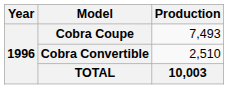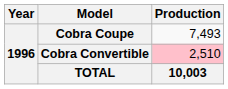 <table class=wikitable>
 <tr>
 <th>Year</th>
 <th>Model</th>
 <th>Production</th>
 </tr>
 <tr>
 <th rowspan=3>1996</th>
 <th align=right>Cobra Coupe</th>
 <td align=right>7,493</td>
 </tr>
 <tr>
 <th align=right>Cobra Convertible</th>
-<td align=right>2,510</td>
+<td align=right style="background: pink;">2,510</td>
 </tr>
 <tr>
 <th align=right>TOTAL</th>
 <th align=right>10,003</th>
 </tr>
 </table>
